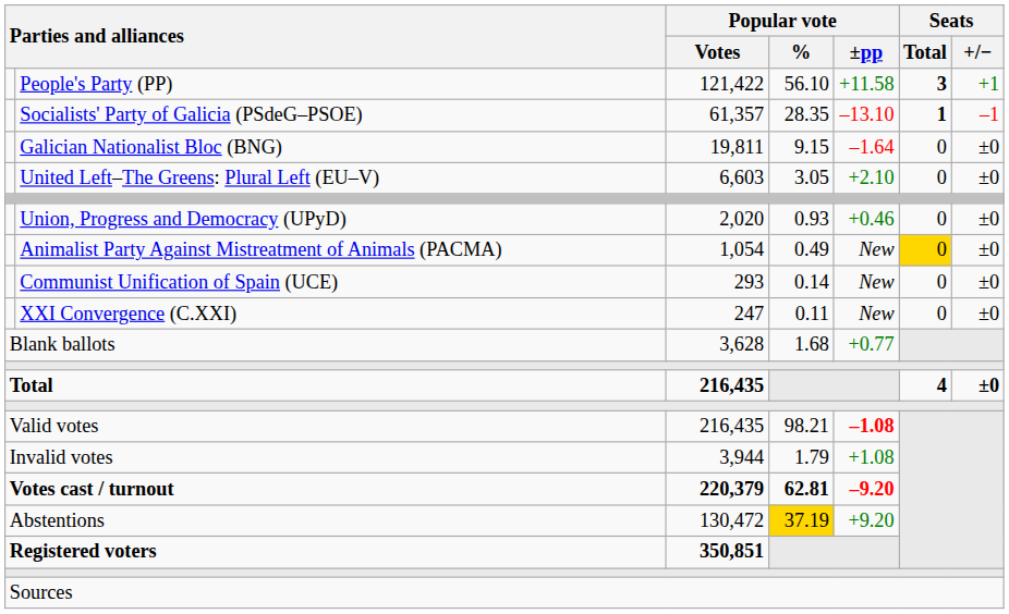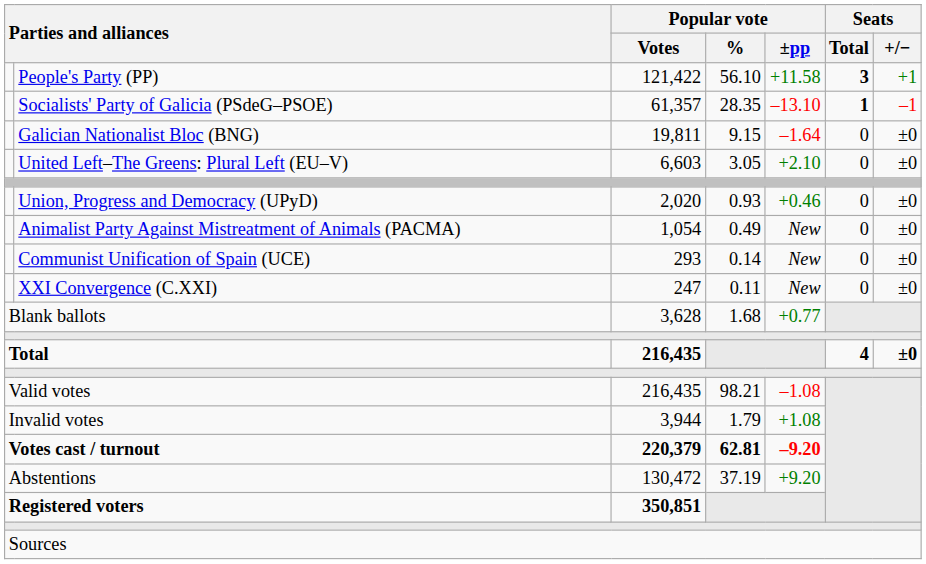 <table class="wikitable" style="text-align:right;">
 <tr>
 <th style="text-align:left;" rowspan="2" colspan="2" width="525">Parties and alliances</th>
 <th colspan="3">Popular vote</th>
 <th colspan="2">Seats</th>
 </tr>
 <tr>
 <th width="75">Votes</th>
 <th width="45">%</th>
 <th width="45">±<a href='#'>pp</a></th>
 <th width="35">Total</th>
 <th width="35">+/−</th>
 </tr>
 <tr>
 <td width="1" style="color:inherit;background:"></td>
 <td align="left"><a href='#'>People's Party</a> (PP)</td>
 <td>121,422</td>
 <td>56.10</td>
 <td style="color:green;">+11.58</td>
 <td><strong>3</strong></td>
 <td style="color:green;">+1</td>
 </tr>
 <tr>
 <td style="color:inherit;background:"></td>
 <td align="left"><a href='#'>Socialists' Party of Galicia</a> (PSdeG–PSOE)</td>
 <td>61,357</td>
 <td>28.35</td>
 <td style="color:red;">–13.10</td>
 <td><strong>1</strong></td>
 <td style="color:red;">–1</td>
 </tr>
 <tr>
 <td style="color:inherit;background:"></td>
 <td align="left"><a href='#'>Galician Nationalist Bloc</a> (BNG)</td>
 <td>19,811</td>
 <td>9.15</td>
 <td style="color:red;">–1.64</td>
 <td>0</td>
 <td>±0</td>
 </tr>
 <tr>
 <td style="color:inherit;background:"></td>
 <td align="left"><a href='#'>United Left</a>–<a href='#'>The Greens</a>: <a href='#'>Plural Left</a> (EU–V)</td>
 <td>6,603</td>
 <td>3.05</td>
 <td style="color:green;">+2.10</td>
 <td>0</td>
 <td>±0</td>
 </tr>
 <tr>
 <td colspan="7" bgcolor="#C0C0C0"></td>
 </tr>
 <tr>
 <td style="color:inherit;background:"></td>
 <td align="left"><a href='#'>Union, Progress and Democracy</a> (UPyD)</td>
 <td>2,020</td>
 <td>0.93</td>
 <td style="color:green;">+0.46</td>
 <td>0</td>
 <td>±0</td>
 </tr>
 <tr>
 <td style="color:inherit;background:"></td>
 <td align="left"><a href='#'>Animalist Party Against Mistreatment of Animals</a> (PACMA)</td>
 <td>1,054</td>
 <td>0.49</td>
 <td><em>New</em></td>
-<td style="background: gold;">0</td>
+<td>0</td>
 <td>±0</td>
 </tr>
 <tr>
 <td style="color:inherit;background:"></td>
 <td align="left"><a href='#'>Communist Unification of Spain</a> (UCE)</td>
 <td>293</td>
 <td>0.14</td>
 <td><em>New</em></td>
 <td>0</td>
 <td>±0</td>
 </tr>
 <tr>
 <td style="color:inherit;background:"></td>
 <td align="left"><a href='#'>XXI Convergence</a> (C.XXI)</td>
 <td>247</td>
 <td>0.11</td>
 <td><em>New</em></td>
 <td>0</td>
 <td>±0</td>
 </tr>
 <tr>
 <td align="left" colspan="2">Blank ballots</td>
 <td>3,628</td>
 <td>1.68</td>
 <td style="color:green;">+0.77</td>
 <td bgcolor="#E9E9E9" colspan="2"></td>
 </tr>
 <tr>
 <td colspan="7" bgcolor="#E9E9E9"></td>
 </tr>
 <tr style="font-weight:bold;">
 <td align="left" colspan="2">Total</td>
 <td>216,435</td>
 <td bgcolor="#E9E9E9" colspan="2"></td>
 <td>4</td>
 <td>±0</td>
 </tr>
 <tr>
 <td colspan="7" bgcolor="#E9E9E9"></td>
 </tr>
 <tr>
 <td align="left" colspan="2">Valid votes</td>
 <td>216,435</td>
 <td>98.21</td>
-<td style="color:red;"><strong>–1.08</strong></td>
+<td style="color:red;">–1.08</td>
 <td bgcolor="#E9E9E9" colspan="2" rowspan="5"></td>
 </tr>
 <tr>
 <td align="left" colspan="2">Invalid votes</td>
 <td>3,944</td>
 <td>1.79</td>
 <td style="color:green;">+1.08</td>
 </tr>
 <tr style="font-weight:bold;">
 <td align="left" colspan="2">Votes cast / turnout</td>
 <td>220,379</td>
 <td>62.81</td>
 <td style="color:red;">–9.20</td>
 </tr>
 <tr>
 <td align="left" colspan="2">Abstentions</td>
 <td>130,472</td>
-<td style="background: gold;">37.19</td>
+<td>37.19</td>
 <td style="color:green;">+9.20</td>
 </tr>
 <tr style="font-weight:bold;">
 <td align="left" colspan="2">Registered voters</td>
 <td>350,851</td>
 <td bgcolor="#E9E9E9" colspan="2"></td>
 </tr>
 <tr>
 <td colspan="7" bgcolor="#E9E9E9"></td>
 </tr>
 <tr>
 <td align="left" colspan="7">Sources</td>
 </tr>
 </table>
